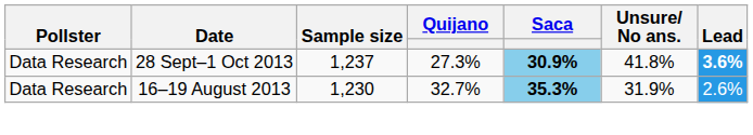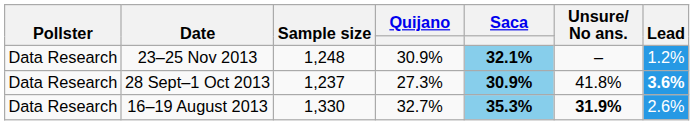 <table class="nowrap wikitable" style="text-align:center;font-size:85%;line-height:14px">
 <tr style="vertical-align:bottom">
 <th rowspan="2">Pollster</th>
 <th rowspan="2">Date</th>
 <th rowspan="2">Sample size</th>
 <th style="width:5em"><a href='#'>Quijano</a><br></th>
 <th style="width:5em"><a href='#'>Saca</a><br></th>
 <th rowspan="2" style="width:5em">Unsure/<br>No ans.</th>
 <th rowspan="2">Lead</th>
 </tr>
 <tr>
 <th style="background:"></th>
 <th style="background:"></th>
 </tr>
 <tr>
 <td>Data Research</td>
+<td>23–25 Nov 2013</td>
+<td>1,248</td>
+<td>30.9%</td>
+<td style="background:#87ceeb;font-weight:bold">32.1%</td>
+<td>–</td>
+<td style=background:#2699E4;color:white>1.2%</td>
+</tr>
+<tr>
+<td>Data Research</td>
 <td>28 Sept–1 Oct 2013</td>
 <td>1,237</td>
 <td>27.3%</td>
 <td style="background:#87ceeb;font-weight:bold">30.9%</td>
 <td>41.8%</td>
 <td style=background:#2699E4;color:white><strong>3.6%</strong></td>
 </tr>
 <tr>
 <td>Data Research</td>
 <td>16–19 August 2013</td>
-<td>1,230</td>
+<td>1,330</td>
 <td>32.7%</td>
 <td style="background:#87ceeb;font-weight:bold">35.3%</td>
-<td>31.9%</td>
+<td><strong>31.9%</strong></td>
 <td style=background:#2699E4;color:white>2.6%</td>
 </tr>
 </table>
